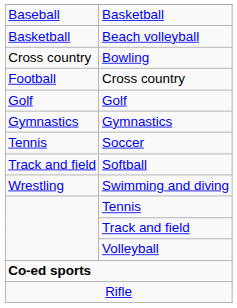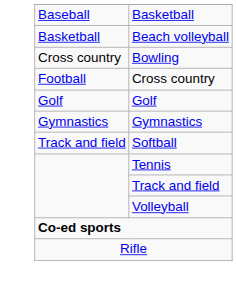 <table class=wikitable style="float:right; clear:right; margin:0 0 1em 1em;">
 <tr>
 </tr>
 <tr>
 <td><a href='#'>Baseball</a></td>
 <td><a href='#'>Basketball</a></td>
 </tr>
 <tr>
 <td><a href='#'>Basketball</a></td>
 <td><a href='#'>Beach volleyball</a></td>
 </tr>
 <tr>
 <td>Cross country</td>
 <td><a href='#'>Bowling</a></td>
 </tr>
 <tr>
 <td><a href='#'>Football</a></td>
 <td>Cross country</td>
 </tr>
 <tr>
 <td><a href='#'>Golf</a></td>
 <td><a href='#'>Golf</a></td>
 </tr>
 <tr>
 <td><a href='#'>Gymnastics</a></td>
 <td><a href='#'>Gymnastics</a></td>
 </tr>
 <tr>
-<td><a href='#'>Tennis</a></td>
-<td><a href='#'>Soccer</a></td>
-</tr>
-<tr>
 <td><a href='#'>Track and field</a></td>
 <td><a href='#'>Softball</a></td>
-</tr>
-<tr>
-<td><a href='#'>Wrestling</a></td>
-<td><a href='#'>Swimming and diving</a></td>
 </tr>
 <tr>
 <td rowspan=3></td>
 <td><a href='#'>Tennis</a></td>
 </tr>
 <tr>
 <td><a href='#'>Track and field</a></td>
 </tr>
 <tr>
 <td><a href='#'>Volleyball</a></td>
 </tr>
 <tr>
 <td colspan=2><strong>Co-ed sports</strong></td>
 </tr>
 <tr>
 <td colspan=2 style="text-align:center"><a href='#'>Rifle</a></td>
 </tr>
 </table>
